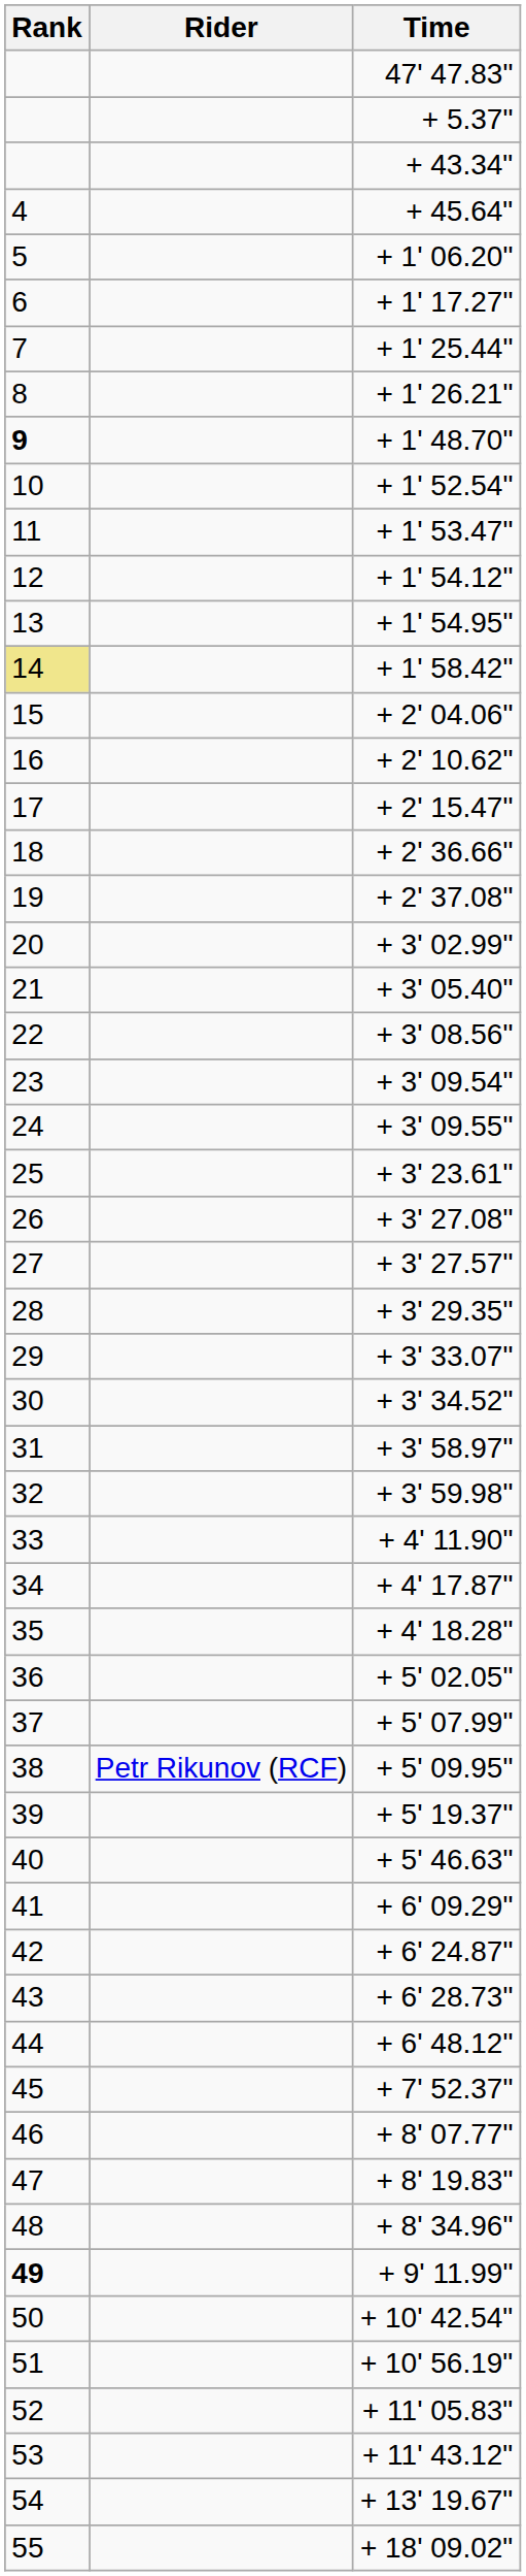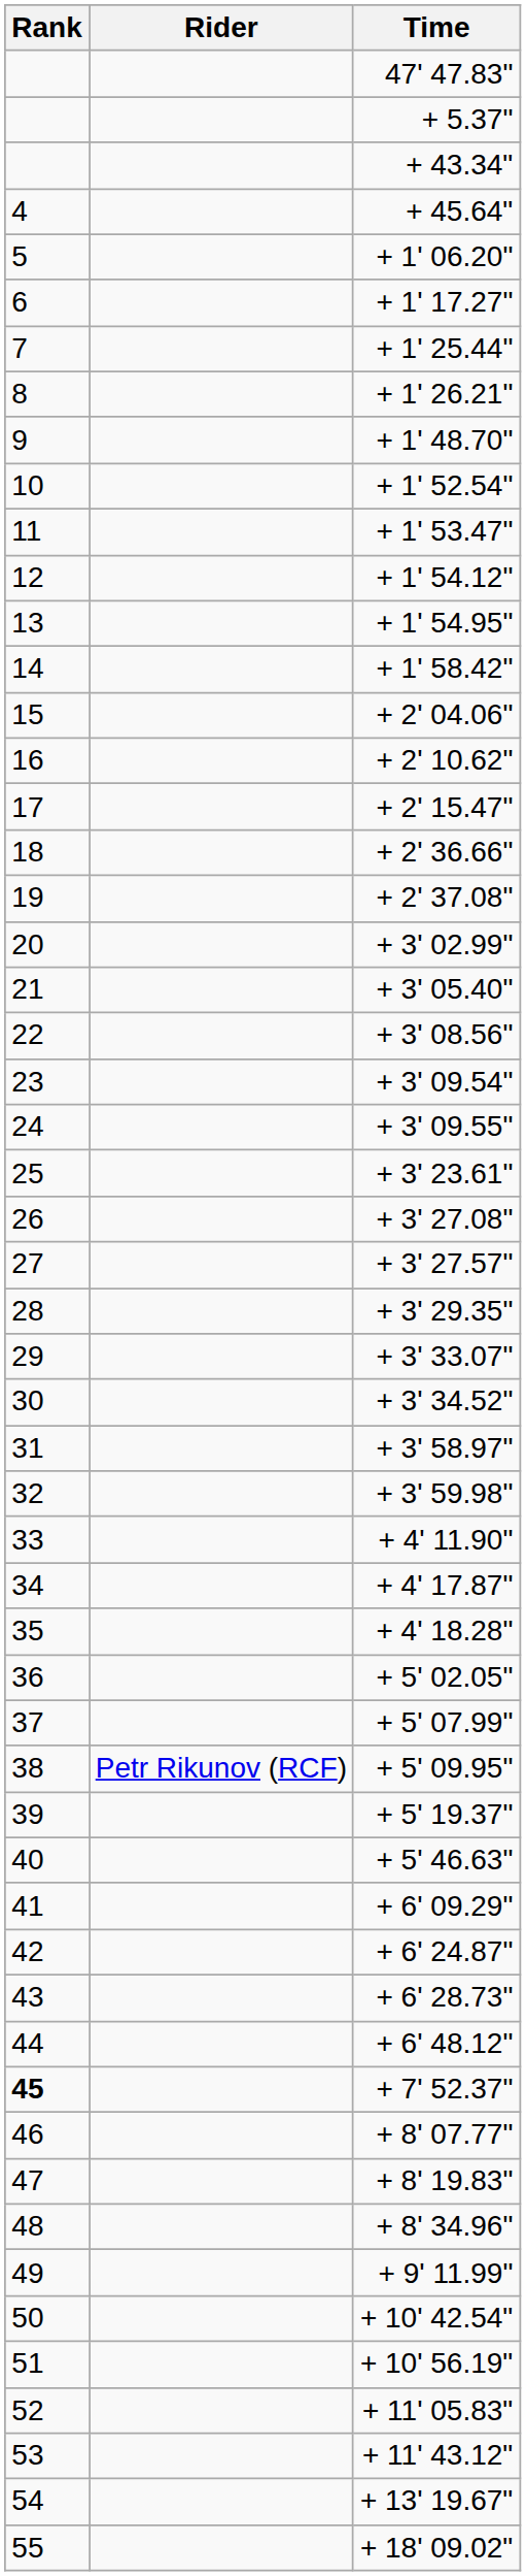 <table class="wikitable sortable">
 <tr>
 <th>Rank</th>
 <th>Rider</th>
 <th>Time</th>
 </tr>
 <tr>
 <td></td>
 <td></td>
 <td align="right">47' 47.83"</td>
 </tr>
 <tr>
 <td></td>
 <td></td>
 <td align="right">+ 5.37"</td>
 </tr>
 <tr>
 <td></td>
 <td></td>
 <td align="right">+ 43.34"</td>
 </tr>
 <tr>
 <td>4</td>
 <td></td>
 <td align="right">+ 45.64"</td>
 </tr>
 <tr>
 <td>5</td>
 <td></td>
 <td align="right">+ 1' 06.20"</td>
 </tr>
 <tr>
 <td>6</td>
 <td></td>
 <td align="right">+ 1' 17.27"</td>
 </tr>
 <tr>
 <td>7</td>
 <td></td>
 <td align="right">+ 1' 25.44"</td>
 </tr>
 <tr>
 <td>8</td>
 <td></td>
 <td align="right">+ 1' 26.21"</td>
 </tr>
 <tr>
-<td><strong>9</strong></td>
+<td>9</td>
 <td></td>
 <td align="right">+ 1' 48.70"</td>
 </tr>
 <tr>
 <td>10</td>
 <td></td>
 <td align="right">+ 1' 52.54"</td>
 </tr>
 <tr>
 <td>11</td>
 <td></td>
 <td align="right">+ 1' 53.47"</td>
 </tr>
 <tr>
 <td>12</td>
 <td></td>
 <td align="right">+ 1' 54.12"</td>
 </tr>
 <tr>
 <td>13</td>
 <td></td>
 <td align="right">+ 1' 54.95"</td>
 </tr>
 <tr>
-<td style="background: khaki;">14</td>
+<td>14</td>
 <td></td>
 <td align="right">+ 1' 58.42"</td>
 </tr>
 <tr>
 <td>15</td>
 <td></td>
 <td align="right">+ 2' 04.06"</td>
 </tr>
 <tr>
 <td>16</td>
 <td></td>
 <td align="right">+ 2' 10.62"</td>
 </tr>
 <tr>
 <td>17</td>
 <td></td>
 <td align="right">+ 2' 15.47"</td>
 </tr>
 <tr>
 <td>18</td>
 <td></td>
 <td align="right">+ 2' 36.66"</td>
 </tr>
 <tr>
 <td>19</td>
 <td></td>
 <td align="right">+ 2' 37.08"</td>
 </tr>
 <tr>
 <td>20</td>
 <td></td>
 <td align="right">+ 3' 02.99"</td>
 </tr>
 <tr>
 <td>21</td>
 <td></td>
 <td align="right">+ 3' 05.40"</td>
 </tr>
 <tr>
 <td>22</td>
 <td></td>
 <td align="right">+ 3' 08.56"</td>
 </tr>
 <tr>
 <td>23</td>
 <td></td>
 <td align="right">+ 3' 09.54"</td>
 </tr>
 <tr>
 <td>24</td>
 <td></td>
 <td align="right">+ 3' 09.55"</td>
 </tr>
 <tr>
 <td>25</td>
 <td></td>
 <td align="right">+ 3' 23.61"</td>
 </tr>
 <tr>
 <td>26</td>
 <td></td>
 <td align="right">+ 3' 27.08"</td>
 </tr>
 <tr>
 <td>27</td>
 <td></td>
 <td align="right">+ 3' 27.57"</td>
 </tr>
 <tr>
 <td>28</td>
 <td></td>
 <td align="right">+ 3' 29.35"</td>
 </tr>
 <tr>
 <td>29</td>
 <td></td>
 <td align="right">+ 3' 33.07"</td>
 </tr>
 <tr>
 <td>30</td>
 <td></td>
 <td align="right">+ 3' 34.52"</td>
 </tr>
 <tr>
 <td>31</td>
 <td></td>
 <td align="right">+ 3' 58.97"</td>
 </tr>
 <tr>
 <td>32</td>
 <td></td>
 <td align="right">+ 3' 59.98"</td>
 </tr>
 <tr>
 <td>33</td>
 <td></td>
 <td align="right">+ 4' 11.90"</td>
 </tr>
 <tr>
 <td>34</td>
 <td></td>
 <td align="right">+ 4' 17.87"</td>
 </tr>
 <tr>
 <td>35</td>
 <td></td>
 <td align="right">+ 4' 18.28"</td>
 </tr>
 <tr>
 <td>36</td>
 <td></td>
 <td align="right">+ 5' 02.05"</td>
 </tr>
 <tr>
 <td>37</td>
 <td></td>
 <td align="right">+ 5' 07.99"</td>
 </tr>
 <tr>
 <td>38</td>
 <td><a href='#'>Petr Rikunov</a> (<a href='#'>RCF</a>)</td>
 <td align="right">+ 5' 09.95"</td>
 </tr>
 <tr>
 <td>39</td>
 <td></td>
 <td align="right">+ 5' 19.37"</td>
 </tr>
 <tr>
 <td>40</td>
 <td></td>
 <td align="right">+ 5' 46.63"</td>
 </tr>
 <tr>
 <td>41</td>
 <td></td>
 <td align="right">+ 6' 09.29"</td>
 </tr>
 <tr>
 <td>42</td>
 <td></td>
 <td align="right">+ 6' 24.87"</td>
 </tr>
 <tr>
 <td>43</td>
 <td></td>
 <td align="right">+ 6' 28.73"</td>
 </tr>
 <tr>
 <td>44</td>
 <td></td>
 <td align="right">+ 6' 48.12"</td>
 </tr>
 <tr>
-<td>45</td>
+<td><strong>45</strong></td>
 <td></td>
 <td align="right">+ 7' 52.37"</td>
 </tr>
 <tr>
 <td>46</td>
 <td></td>
 <td align="right">+ 8' 07.77"</td>
 </tr>
 <tr>
 <td>47</td>
 <td></td>
 <td align="right">+ 8' 19.83"</td>
 </tr>
 <tr>
 <td>48</td>
 <td></td>
 <td align="right">+ 8' 34.96"</td>
 </tr>
 <tr>
-<td><strong>49</strong></td>
+<td>49</td>
 <td></td>
 <td align="right">+ 9' 11.99"</td>
 </tr>
 <tr>
 <td>50</td>
 <td></td>
 <td align="right">+ 10' 42.54"</td>
 </tr>
 <tr>
 <td>51</td>
 <td></td>
 <td align="right">+ 10' 56.19"</td>
 </tr>
 <tr>
 <td>52</td>
 <td></td>
 <td align="right">+ 11' 05.83"</td>
 </tr>
 <tr>
 <td>53</td>
 <td></td>
 <td align="right">+ 11' 43.12"</td>
 </tr>
 <tr>
 <td>54</td>
 <td></td>
 <td align="right">+ 13' 19.67"</td>
 </tr>
 <tr>
 <td>55</td>
 <td></td>
 <td align="right">+ 18' 09.02"</td>
 </tr>
 </table>
